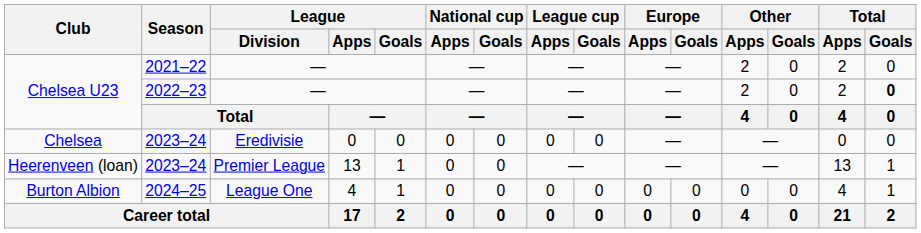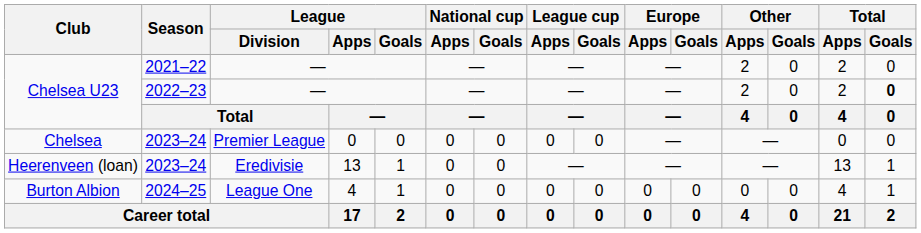 <table class=wikitable style=text-align:center>
 <tr>
 <th rowspan=2>Club</th>
 <th rowspan=2>Season</th>
 <th colspan=3>League</th>
 <th colspan=2>National cup</th>
 <th colspan=2>League cup</th>
 <th colspan=2>Europe</th>
 <th colspan=2>Other</th>
 <th colspan=2>Total</th>
 </tr>
 <tr>
 <th>Division</th>
 <th>Apps</th>
 <th>Goals</th>
 <th>Apps</th>
 <th>Goals</th>
 <th>Apps</th>
 <th>Goals</th>
 <th>Apps</th>
 <th>Goals</th>
 <th>Apps</th>
 <th>Goals</th>
 <th>Apps</th>
 <th>Goals</th>
 </tr>
 <tr>
 <td rowspan="3"><a href='#'>Chelsea U23</a></td>
 <td><a href='#'>2021–22</a></td>
 <td colspan=3>—</td>
 <td colspan=2>—</td>
 <td colspan=2>—</td>
 <td colspan=2>—</td>
 <td>2</td>
 <td>0</td>
 <td>2</td>
 <td>0</td>
 </tr>
 <tr>
 <td><a href='#'>2022–23</a></td>
 <td colspan=3>—</td>
 <td colspan=2>—</td>
 <td colspan=2>—</td>
 <td colspan=2>—</td>
 <td>2</td>
 <td>0</td>
 <td>2</td>
 <td><strong>0</strong></td>
 </tr>
 <tr>
 <th colspan=2>Total</th>
 <th colspan=2>—</th>
 <th colspan=2>—</th>
 <th colspan=2>—</th>
 <th colspan=2>—</th>
 <th>4</th>
 <th>0</th>
 <th>4</th>
 <th>0</th>
 </tr>
 <tr>
 <td><a href='#'>Chelsea</a></td>
 <td><a href='#'>2023–24</a></td>
-<td><a href='#'>Eredivisie</a></td>
+<td><a href='#'>Premier League</a></td>
 <td>0</td>
 <td>0</td>
 <td>0</td>
 <td>0</td>
 <td>0</td>
 <td>0</td>
 <td colspan=2>—</td>
 <td colspan=2>—</td>
 <td>0</td>
 <td>0</td>
 </tr>
 <tr>
 <td><a href='#'>Heerenveen</a> (loan)</td>
 <td><a href='#'>2023–24</a></td>
-<td><a href='#'>Premier League</a></td>
+<td><a href='#'>Eredivisie</a></td>
 <td>13</td>
 <td>1</td>
 <td>0</td>
 <td>0</td>
 <td colspan=2>—</td>
 <td colspan=2>—</td>
 <td colspan=2>—</td>
 <td>13</td>
 <td>1</td>
 </tr>
 <tr>
 <td><a href='#'>Burton Albion</a></td>
 <td><a href='#'>2024–25</a></td>
 <td><a href='#'>League One</a></td>
 <td>4</td>
 <td>1</td>
 <td>0</td>
 <td>0</td>
 <td>0</td>
 <td>0</td>
 <td>0</td>
 <td>0</td>
 <td>0</td>
 <td>0</td>
 <td>4</td>
 <td>1</td>
 </tr>
 <tr>
 <th colspan=3>Career total</th>
 <th>17</th>
 <th>2</th>
 <th>0</th>
 <th>0</th>
 <th>0</th>
 <th>0</th>
 <th>0</th>
 <th>0</th>
 <th>4</th>
 <th>0</th>
 <th>21</th>
 <th>2</th>
 </tr>
 </table>
